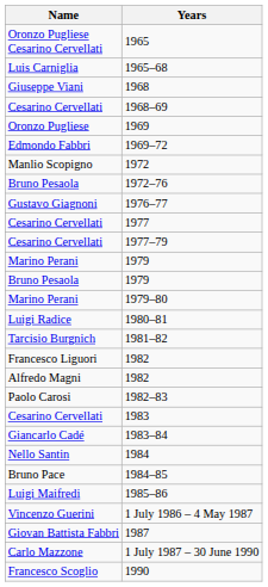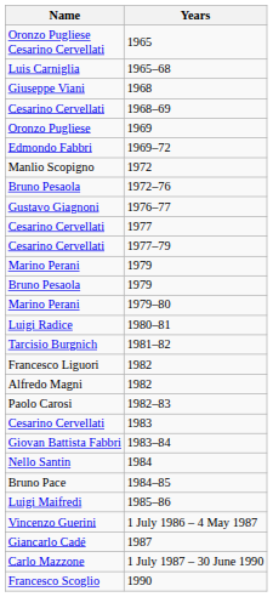 <table class="wikitable" style="float:left; margin-right:1em;">
 <tr>
 <th>Name</th>
 <th>Years</th>
 </tr>
 <tr>
 <td><a href='#'>Oronzo Pugliese</a><br><a href='#'>Cesarino Cervellati</a></td>
 <td>1965</td>
 </tr>
 <tr>
 <td><a href='#'>Luis Carniglia</a></td>
 <td>1965–68</td>
 </tr>
 <tr>
 <td><a href='#'>Giuseppe Viani</a></td>
 <td>1968</td>
 </tr>
 <tr>
 <td><a href='#'>Cesarino Cervellati</a></td>
 <td>1968–69</td>
 </tr>
 <tr>
 <td><a href='#'>Oronzo Pugliese</a></td>
 <td>1969</td>
 </tr>
 <tr>
 <td><a href='#'>Edmondo Fabbri</a></td>
 <td>1969–72</td>
 </tr>
 <tr>
 <td>Manlio Scopigno</td>
 <td>1972</td>
 </tr>
 <tr>
 <td><a href='#'>Bruno Pesaola</a></td>
 <td>1972–76</td>
 </tr>
 <tr>
 <td><a href='#'>Gustavo Giagnoni</a></td>
 <td>1976–77</td>
 </tr>
 <tr>
 <td><a href='#'>Cesarino Cervellati</a></td>
 <td>1977</td>
 </tr>
 <tr>
 <td><a href='#'>Cesarino Cervellati</a></td>
 <td>1977–79</td>
 </tr>
 <tr>
 <td><a href='#'>Marino Perani</a></td>
 <td>1979</td>
 </tr>
 <tr>
 <td><a href='#'>Bruno Pesaola</a></td>
 <td>1979</td>
 </tr>
 <tr>
 <td><a href='#'>Marino Perani</a></td>
 <td>1979–80</td>
 </tr>
 <tr>
 <td><a href='#'>Luigi Radice</a></td>
 <td>1980–81</td>
 </tr>
 <tr>
 <td><a href='#'>Tarcisio Burgnich</a></td>
 <td>1981–82</td>
 </tr>
 <tr>
 <td>Francesco Liguori</td>
 <td>1982</td>
 </tr>
 <tr>
 <td>Alfredo Magni</td>
 <td>1982</td>
 </tr>
 <tr>
 <td>Paolo Carosi</td>
 <td>1982–83</td>
 </tr>
 <tr>
 <td><a href='#'>Cesarino Cervellati</a></td>
 <td>1983</td>
 </tr>
 <tr>
-<td><a href='#'>Giancarlo Cadé</a></td>
+<td><a href='#'>Giovan Battista Fabbri</a></td>
 <td>1983–84</td>
 </tr>
 <tr>
 <td><a href='#'>Nello Santin</a></td>
 <td>1984</td>
 </tr>
 <tr>
 <td>Bruno Pace</td>
 <td>1984–85</td>
 </tr>
 <tr>
 <td><a href='#'>Luigi Maifredi</a></td>
 <td>1985–86</td>
 </tr>
 <tr>
 <td><a href='#'>Vincenzo Guerini</a></td>
 <td>1 July 1986 – 4 May 1987</td>
 </tr>
 <tr>
-<td><a href='#'>Giovan Battista Fabbri</a></td>
+<td><a href='#'>Giancarlo Cadé</a></td>
 <td>1987</td>
 </tr>
 <tr>
 <td><a href='#'>Carlo Mazzone</a></td>
 <td>1 July 1987 – 30 June 1990</td>
 </tr>
 <tr>
 <td><a href='#'>Francesco Scoglio</a></td>
 <td>1990</td>
 </tr>
 </table>
